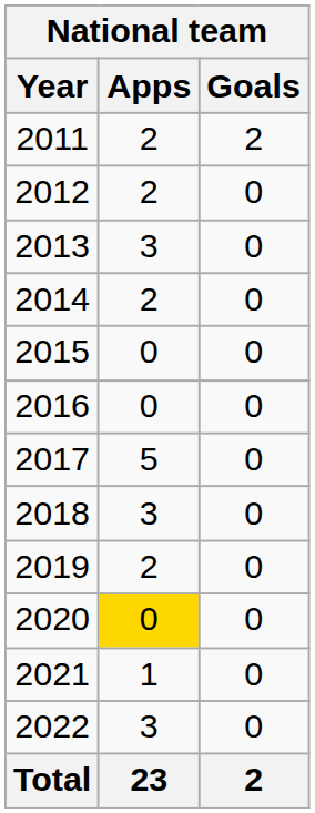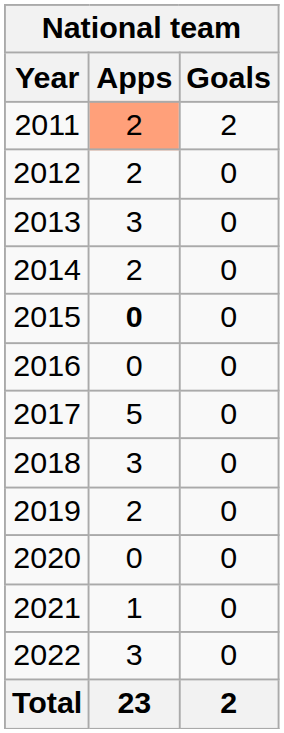 <table class="wikitable" style="text-align:center">
 <tr>
 <th colspan=3>National team</th>
 </tr>
 <tr>
 <th>Year</th>
 <th>Apps</th>
 <th>Goals</th>
 </tr>
 <tr>
 <td>2011</td>
-<td>2</td>
+<td style="background: lightsalmon;">2</td>
 <td>2</td>
 </tr>
 <tr>
 <td>2012</td>
 <td>2</td>
 <td>0</td>
 </tr>
 <tr>
 <td>2013</td>
 <td>3</td>
 <td>0</td>
 </tr>
 <tr>
 <td>2014</td>
 <td>2</td>
 <td>0</td>
 </tr>
 <tr>
 <td>2015</td>
-<td>0</td>
+<td><strong>0</strong></td>
 <td>0</td>
 </tr>
 <tr>
 <td>2016</td>
 <td>0</td>
 <td>0</td>
 </tr>
 <tr>
 <td>2017</td>
 <td>5</td>
 <td>0</td>
 </tr>
 <tr>
 <td>2018</td>
 <td>3</td>
 <td>0</td>
 </tr>
 <tr>
 <td>2019</td>
 <td>2</td>
 <td>0</td>
 </tr>
 <tr>
 <td>2020</td>
-<td style="background: gold;">0</td>
+<td>0</td>
 <td>0</td>
 </tr>
 <tr>
 <td>2021</td>
 <td>1</td>
 <td>0</td>
 </tr>
 <tr>
 <td>2022</td>
 <td>3</td>
 <td>0</td>
 </tr>
 <tr>
 <th>Total</th>
 <th>23</th>
 <th>2</th>
 </tr>
 </table>
